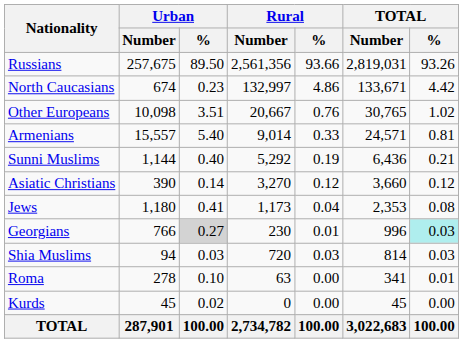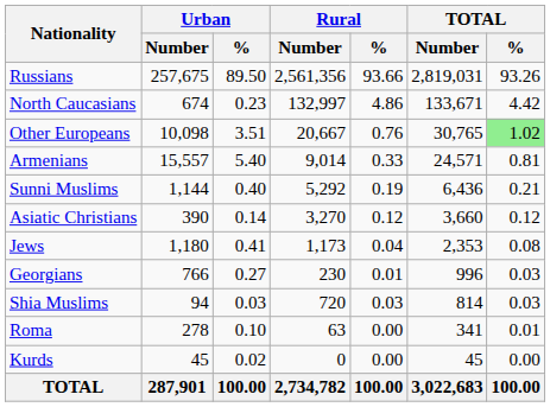 <table class="wikitable sortable">
 <tr>
 <th rowspan="2">Nationality</th>
 <th colspan="2"><a href='#'>Urban</a></th>
 <th colspan="2"><a href='#'>Rural</a></th>
 <th colspan="2">TOTAL</th>
 </tr>
 <tr>
 <th>Number</th>
 <th>%</th>
 <th>Number</th>
 <th>%</th>
 <th>Number</th>
 <th>%</th>
 </tr>
 <tr>
 <td><a href='#'>Russians</a></td>
 <td align="right">257,675</td>
 <td align="right">89.50</td>
 <td align="right">2,561,356</td>
 <td align="right">93.66</td>
 <td align="right">2,819,031</td>
 <td align="right">93.26</td>
 </tr>
 <tr>
 <td><a href='#'>North Caucasians</a></td>
 <td align="right">674</td>
 <td align="right">0.23</td>
 <td align="right">132,997</td>
 <td align="right">4.86</td>
 <td align="right">133,671</td>
 <td align="right">4.42</td>
 </tr>
 <tr>
 <td><a href='#'>Other Europeans</a></td>
 <td align="right">10,098</td>
 <td align="right">3.51</td>
 <td align="right">20,667</td>
 <td align="right">0.76</td>
 <td align="right">30,765</td>
-<td align="right">1.02</td>
+<td align="right" style="background: lightgreen;">1.02</td>
 </tr>
 <tr>
 <td><a href='#'>Armenians</a></td>
 <td align="right">15,557</td>
 <td align="right">5.40</td>
 <td align="right">9,014</td>
 <td align="right">0.33</td>
 <td align="right">24,571</td>
 <td align="right">0.81</td>
 </tr>
 <tr>
 <td><a href='#'>Sunni Muslims</a></td>
 <td align="right">1,144</td>
 <td align="right">0.40</td>
 <td align="right">5,292</td>
 <td align="right">0.19</td>
 <td align="right">6,436</td>
 <td align="right">0.21</td>
 </tr>
 <tr>
 <td><a href='#'>Asiatic Christians</a></td>
 <td align="right">390</td>
 <td align="right">0.14</td>
 <td align="right">3,270</td>
 <td align="right">0.12</td>
 <td align="right">3,660</td>
 <td align="right">0.12</td>
 </tr>
 <tr>
 <td><a href='#'>Jews</a></td>
 <td align="right">1,180</td>
 <td align="right">0.41</td>
 <td align="right">1,173</td>
 <td align="right">0.04</td>
 <td align="right">2,353</td>
 <td align="right">0.08</td>
 </tr>
 <tr>
 <td><a href='#'>Georgians</a></td>
 <td align="right">766</td>
-<td align="right" style="background: lightgrey;">0.27</td>
+<td align="right">0.27</td>
 <td align="right">230</td>
 <td align="right">0.01</td>
 <td align="right">996</td>
-<td align="right" style="background: paleturquoise;">0.03</td>
+<td align="right">0.03</td>
 </tr>
 <tr>
 <td><a href='#'>Shia Muslims</a></td>
 <td align="right">94</td>
 <td align="right">0.03</td>
 <td align="right">720</td>
 <td align="right">0.03</td>
 <td align="right">814</td>
 <td align="right">0.03</td>
 </tr>
 <tr>
 <td><a href='#'>Roma</a></td>
 <td align="right">278</td>
 <td align="right">0.10</td>
 <td align="right">63</td>
 <td align="right">0.00</td>
 <td align="right">341</td>
 <td align="right">0.01</td>
 </tr>
 <tr>
 <td><a href='#'>Kurds</a></td>
 <td align="right">45</td>
 <td align="right">0.02</td>
 <td align="right">0</td>
 <td align="right">0.00</td>
 <td align="right">45</td>
 <td align="right">0.00</td>
 </tr>
 <tr>
 <th>TOTAL</th>
 <th>287,901</th>
 <th>100.00</th>
 <th>2,734,782</th>
 <th>100.00</th>
 <th>3,022,683</th>
 <th>100.00</th>
 </tr>
 </table>
